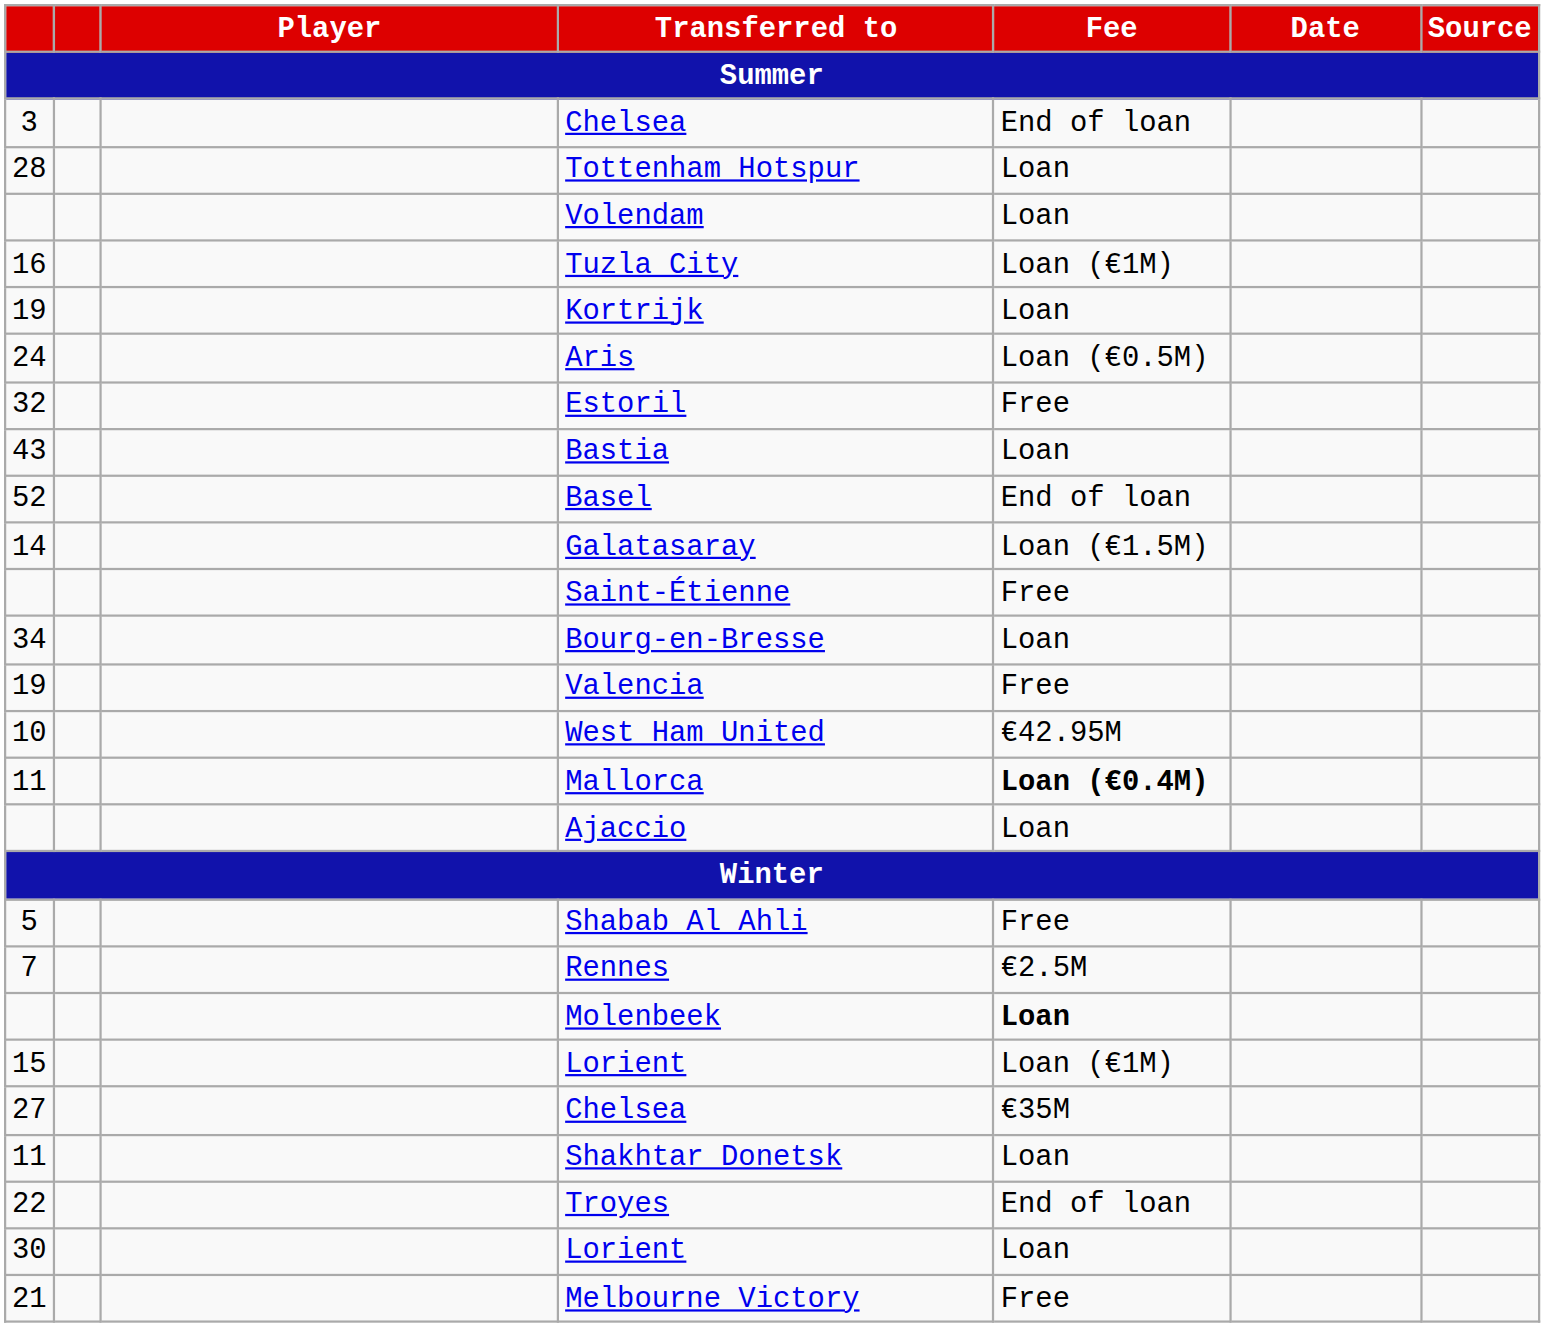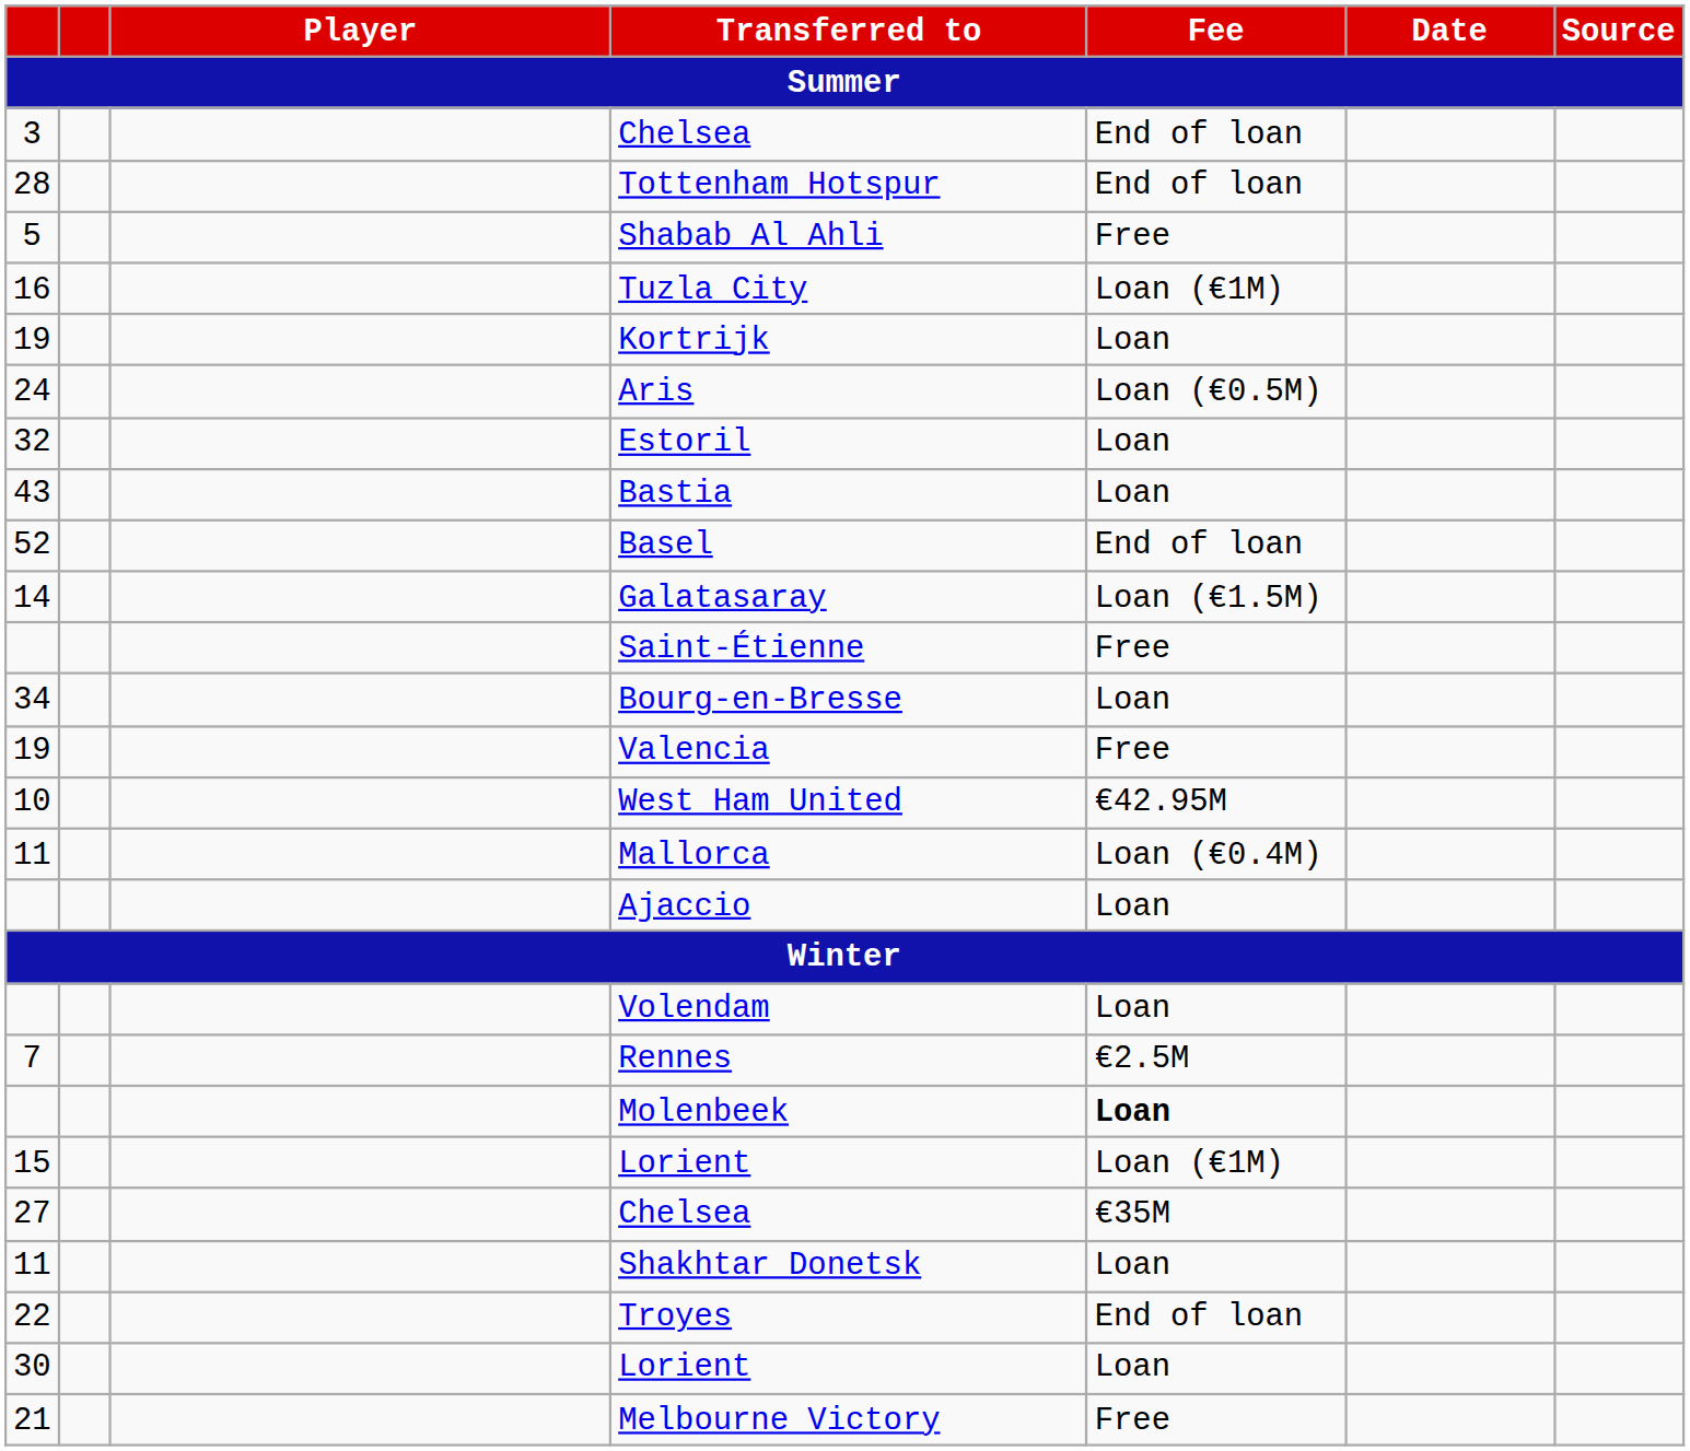 <table class="wikitable plainrowheaders sortable">
 <tr>
 <th style="background:#DD0000; color:white; scope=col; width:15px"></th>
 <th style="background:#DD0000; color:white; scope=col; width:15px"></th>
 <th style="background:#DD0000; color:white; scope=col; width:200px">Player</th>
 <th style="background:#DD0000; color:white; scope=col; width:190px">Transferred to</th>
 <th style="background:#DD0000; color:white; scope=col; width:100px">Fee</th>
 <th style="background:#DD0000; color:white; scope=col; width:80px">Date</th>
 <th style="background:#DD0000; color:white; scope=col; width:15px">Source</th>
 </tr>
 <tr>
 <th colspan="7" style="background:#1112AB; color:white;">Summer</th>
 </tr>
 <tr>
 <td align=center>3</td>
 <td align=center></td>
 <td></td>
 <td> <a href='#'>Chelsea</a></td>
 <td>End of loan</td>
 <td></td>
 <td></td>
 </tr>
 <tr>
 <td align=center>28</td>
 <td align=center></td>
 <td></td>
 <td> <a href='#'>Tottenham Hotspur</a></td>
-<td>Loan</td>
+<td>End of loan</td>
 <td></td>
 <td></td>
 </tr>
 <tr>
-<td align=center></td>
+<td align=center>5</td>
 <td align=center></td>
 <td></td>
-<td> <a href='#'>Volendam</a></td>
-<td>Loan</td>
+<td> <a href='#'>Shabab Al Ahli</a></td>
+<td>Free</td>
 <td></td>
 <td></td>
 </tr>
 <tr>
 <td align=center>16</td>
 <td align=center></td>
 <td></td>
 <td> <a href='#'>Tuzla City</a></td>
 <td>Loan (€1M)</td>
 <td></td>
 <td></td>
 </tr>
 <tr>
 <td align=center>19</td>
 <td align=center></td>
 <td></td>
 <td> <a href='#'>Kortrijk</a></td>
 <td>Loan</td>
 <td></td>
 <td></td>
 </tr>
 <tr>
 <td align=center>24</td>
 <td align=center></td>
 <td></td>
 <td> <a href='#'>Aris</a></td>
 <td>Loan (€0.5M)</td>
 <td></td>
 <td></td>
 </tr>
 <tr>
 <td align=center>32</td>
 <td align=center></td>
 <td></td>
 <td> <a href='#'>Estoril</a></td>
-<td>Free</td>
+<td>Loan</td>
 <td></td>
 <td></td>
 </tr>
 <tr>
 <td align=center>43</td>
 <td align=center></td>
 <td></td>
 <td> <a href='#'>Bastia</a></td>
 <td>Loan</td>
 <td></td>
 <td></td>
 </tr>
 <tr>
 <td align=center>52</td>
 <td align=center></td>
 <td></td>
 <td> <a href='#'>Basel</a></td>
 <td>End of loan</td>
 <td></td>
 <td></td>
 </tr>
 <tr>
 <td align=center>14</td>
 <td align=center></td>
 <td></td>
 <td> <a href='#'>Galatasaray</a></td>
 <td>Loan (€1.5M)</td>
 <td></td>
 <td></td>
 </tr>
 <tr>
 <td align=center></td>
 <td align=center></td>
 <td></td>
 <td> <a href='#'>Saint-Étienne</a></td>
 <td>Free</td>
 <td></td>
 <td></td>
 </tr>
 <tr>
 <td align=center>34</td>
 <td align=center></td>
 <td></td>
 <td> <a href='#'>Bourg-en-Bresse</a></td>
 <td>Loan</td>
 <td></td>
 <td></td>
 </tr>
 <tr>
 <td align=center>19</td>
 <td align=center></td>
 <td></td>
 <td> <a href='#'>Valencia</a></td>
 <td>Free</td>
 <td></td>
 <td></td>
 </tr>
 <tr>
 <td align=center>10</td>
 <td align=center></td>
 <td></td>
 <td> <a href='#'>West Ham United</a></td>
 <td>€42.95M</td>
 <td></td>
 <td></td>
 </tr>
 <tr>
 <td align=center>11</td>
 <td align=center></td>
 <td></td>
 <td> <a href='#'>Mallorca</a></td>
-<td><strong>Loan (€0.4M)</strong></td>
+<td>Loan (€0.4M)</td>
 <td></td>
 <td></td>
 </tr>
 <tr>
 <td align=center></td>
 <td align=center></td>
 <td></td>
 <td> <a href='#'>Ajaccio</a></td>
 <td>Loan</td>
 <td></td>
 <td></td>
 </tr>
 <tr>
 <th colspan="7" style="background:#1112AB; color:white;">Winter</th>
 </tr>
 <tr>
-<td align=center>5</td>
+<td align=center></td>
 <td align=center></td>
 <td></td>
-<td> <a href='#'>Shabab Al Ahli</a></td>
-<td>Free</td>
+<td> <a href='#'>Volendam</a></td>
+<td>Loan</td>
 <td></td>
 <td></td>
 </tr>
 <tr>
 <td align=center>7</td>
 <td align=center></td>
 <td></td>
 <td> <a href='#'>Rennes</a></td>
 <td>€2.5M</td>
 <td></td>
 <td></td>
 </tr>
 <tr>
 <td align=center></td>
 <td align=center></td>
 <td></td>
 <td> <a href='#'>Molenbeek</a></td>
 <td><strong>Loan</strong></td>
 <td></td>
 <td></td>
 </tr>
 <tr>
 <td align=center>15</td>
 <td align=center></td>
 <td></td>
 <td> <a href='#'>Lorient</a></td>
 <td>Loan (€1M)</td>
 <td></td>
 <td></td>
 </tr>
 <tr>
 <td align=center>27</td>
 <td align=center></td>
 <td></td>
 <td> <a href='#'>Chelsea</a></td>
 <td>€35M</td>
 <td></td>
 <td></td>
 </tr>
 <tr>
 <td align=center>11</td>
 <td align=center></td>
 <td></td>
 <td> <a href='#'>Shakhtar Donetsk</a></td>
 <td>Loan</td>
 <td></td>
 <td></td>
 </tr>
 <tr>
 <td align=center>22</td>
 <td align=center></td>
 <td></td>
 <td> <a href='#'>Troyes</a></td>
 <td>End of loan</td>
 <td></td>
 <td></td>
 </tr>
 <tr>
 <td align=center>30</td>
 <td align=center></td>
 <td></td>
 <td> <a href='#'>Lorient</a></td>
 <td>Loan</td>
 <td></td>
 <td></td>
 </tr>
 <tr>
 <td align=center>21</td>
 <td align=center></td>
 <td></td>
 <td> <a href='#'>Melbourne Victory</a></td>
 <td>Free</td>
 <td></td>
 <td></td>
 </tr>
 </table>
